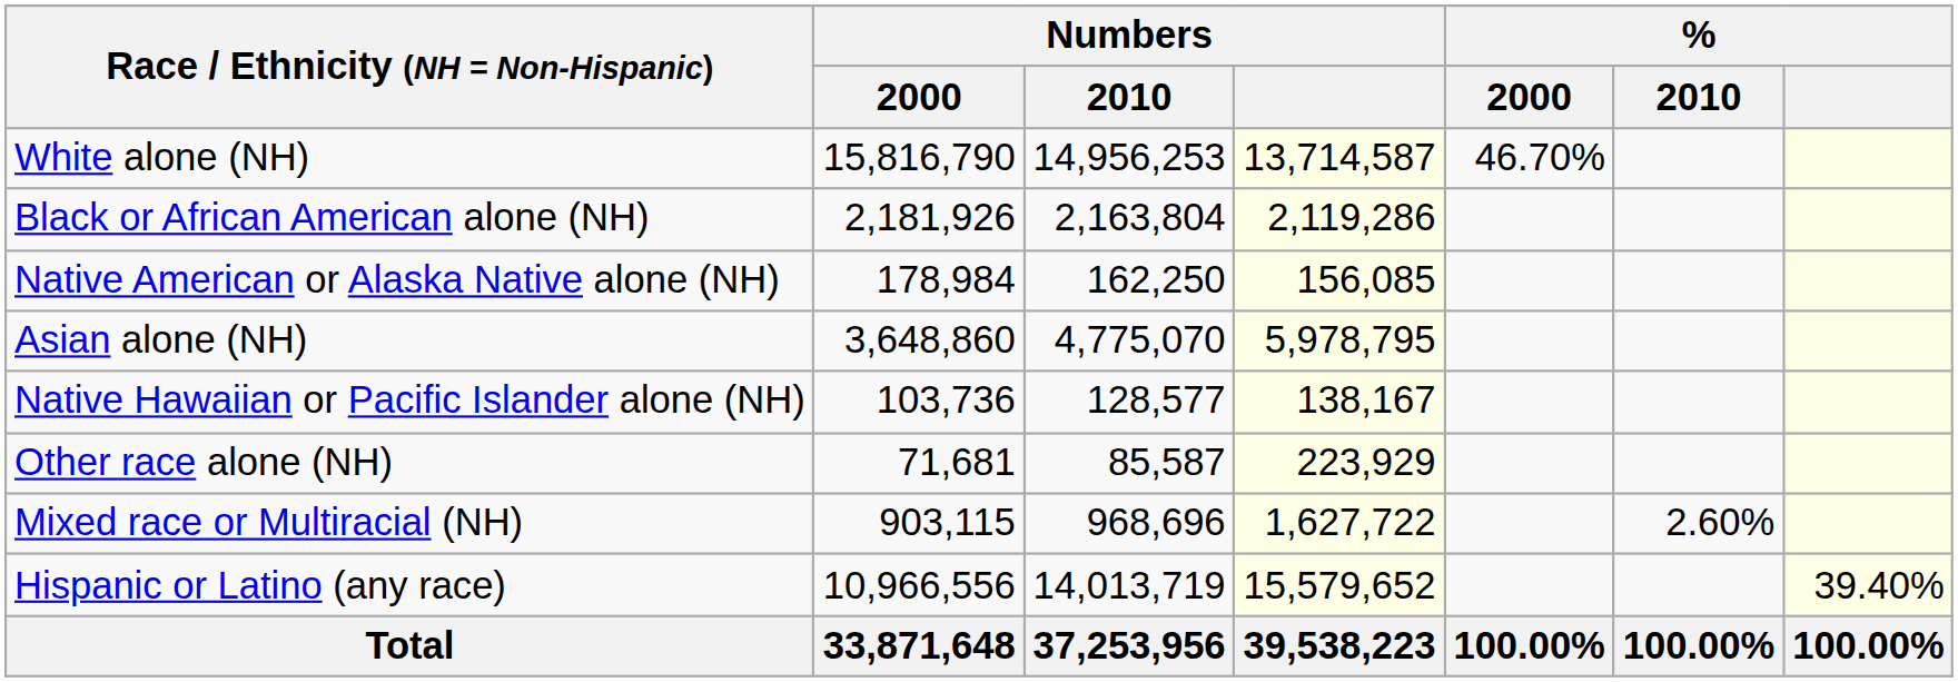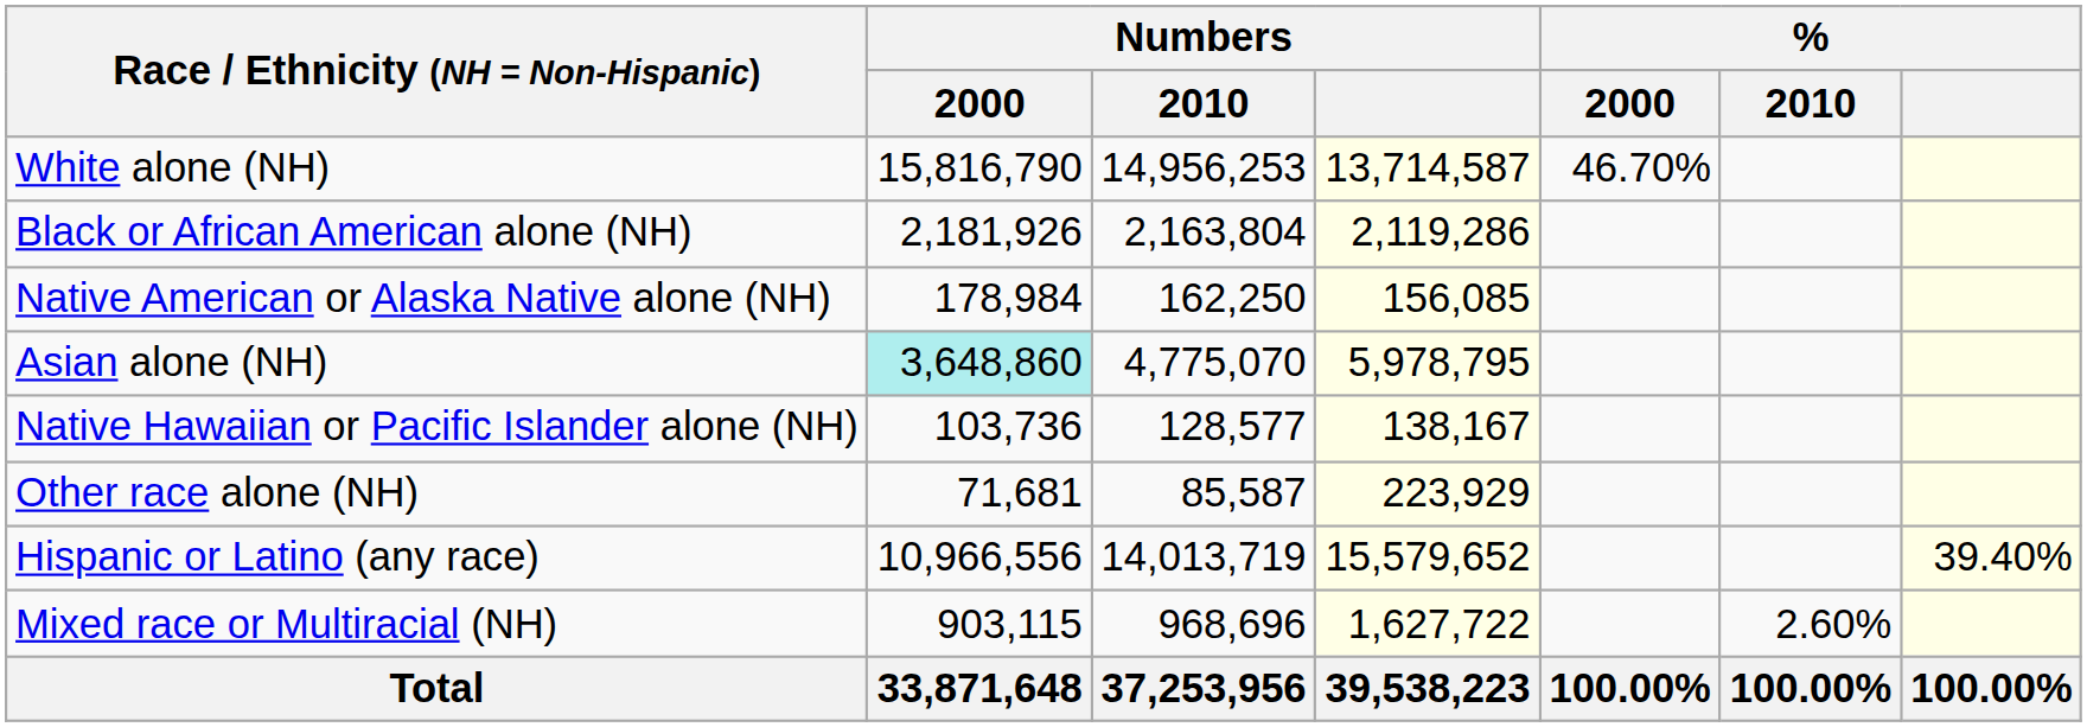 <table class="wikitable" style="text-align:right;">
 <tr>
 <th rowspan=2>Race / Ethnicity <small>(<em>NH = Non-Hispanic</em>)</small></th>
 <th colspan=3>Numbers</th>
 <th colspan=3>%</th>
 </tr>
 <tr>
 <th>2000</th>
 <th>2010</th>
 <th></th>
 <th>2000</th>
 <th>2010</th>
 <th></th>
 </tr>
 <tr>
 <td style="text-align:left;"><a href='#'>White</a> alone (NH)</td>
 <td>15,816,790</td>
 <td>14,956,253</td>
 <td style='background: #ffffe6;'>13,714,587</td>
 <td>46.70%</td>
 <td></td>
 <td style='background: #ffffe6;'></td>
 </tr>
 <tr>
 <td style="text-align:left;"><a href='#'>Black or African American</a> alone (NH)</td>
 <td>2,181,926</td>
 <td>2,163,804</td>
 <td style='background: #ffffe6;'>2,119,286</td>
 <td></td>
 <td></td>
 <td style='background: #ffffe6;'></td>
 </tr>
 <tr>
 <td style="text-align:left;"><a href='#'>Native American</a> or <a href='#'>Alaska Native</a> alone (NH)</td>
 <td>178,984</td>
 <td>162,250</td>
 <td style='background: #ffffe6;'>156,085</td>
 <td></td>
 <td></td>
 <td style='background: #ffffe6;'></td>
 </tr>
 <tr>
 <td style="text-align:left;"><a href='#'>Asian</a> alone (NH)</td>
-<td>3,648,860</td>
+<td style="background: paleturquoise;">3,648,860</td>
 <td>4,775,070</td>
 <td style='background: #ffffe6;'>5,978,795</td>
 <td></td>
 <td></td>
 <td style='background: #ffffe6;'></td>
 </tr>
 <tr>
 <td style="text-align:left;"><a href='#'>Native Hawaiian</a> or <a href='#'>Pacific Islander</a> alone (NH)</td>
 <td>103,736</td>
 <td>128,577</td>
 <td style='background: #ffffe6;'>138,167</td>
 <td></td>
 <td></td>
 <td style='background: #ffffe6;'></td>
 </tr>
 <tr>
 <td style="text-align:left;"><a href='#'>Other race</a> alone (NH)</td>
 <td>71,681</td>
 <td>85,587</td>
 <td style='background: #ffffe6;'>223,929</td>
 <td></td>
 <td></td>
 <td style='background: #ffffe6;'></td>
 </tr>
 <tr>
+<td style="text-align:left;"><a href='#'>Hispanic or Latino</a> (any race)</td>
+<td>10,966,556</td>
+<td>14,013,719</td>
+<td style='background: #ffffe6;'>15,579,652</td>
+<td></td>
+<td></td>
+<td style='background: #ffffe6;'>39.40%</td>
+</tr>
+<tr>
 <td style="text-align:left;"><a href='#'>Mixed race or Multiracial</a> (NH)</td>
 <td>903,115</td>
 <td>968,696</td>
 <td style='background: #ffffe6;'>1,627,722</td>
 <td></td>
 <td>2.60%</td>
 <td style='background: #ffffe6;'></td>
-</tr>
-<tr>
-<td style="text-align:left;"><a href='#'>Hispanic or Latino</a> (any race)</td>
-<td>10,966,556</td>
-<td>14,013,719</td>
-<td style='background: #ffffe6;'>15,579,652</td>
-<td></td>
-<td></td>
-<td style='background: #ffffe6;'>39.40%</td>
 </tr>
 <tr>
 <th>Total</th>
 <th>33,871,648</th>
 <th>37,253,956</th>
 <th>39,538,223</th>
 <th>100.00%</th>
 <th>100.00%</th>
 <th>100.00%</th>
 </tr>
 </table>
